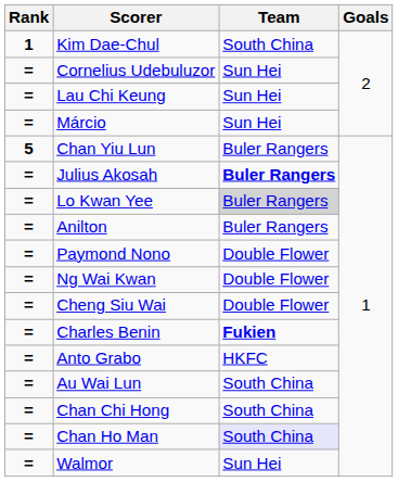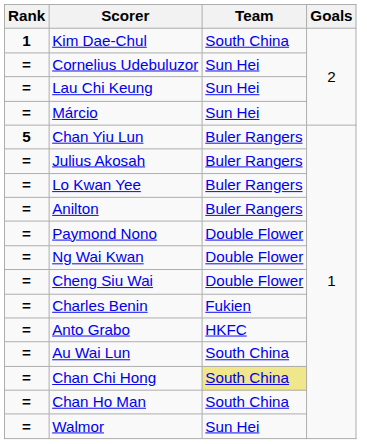 <table class="wikitable">
 <tr>
 <th>Rank</th>
 <th>Scorer</th>
 <th>Team</th>
 <th>Goals</th>
 </tr>
 <tr>
 <td align=center><strong>1</strong></td>
 <td> <a href='#'>Kim Dae-Chul</a></td>
 <td><a href='#'>South China</a></td>
 <td rowspan="4" align=center>2</td>
 </tr>
 <tr>
 <td align=center><strong>=</strong></td>
 <td> <a href='#'>Cornelius Udebuluzor</a></td>
 <td><a href='#'>Sun Hei</a></td>
 </tr>
 <tr>
 <td align=center><strong>=</strong></td>
 <td> <a href='#'>Lau Chi Keung</a></td>
 <td><a href='#'>Sun Hei</a></td>
 </tr>
 <tr>
 <td align=center><strong>=</strong></td>
 <td> <a href='#'>Márcio</a></td>
 <td><a href='#'>Sun Hei</a></td>
 </tr>
 <tr>
 <td align=center><strong>5</strong></td>
 <td> <a href='#'>Chan Yiu Lun</a></td>
 <td><a href='#'>Buler Rangers</a></td>
 <td rowspan="19" align=center>1</td>
 </tr>
 <tr>
 <td align=center><strong>=</strong></td>
 <td> <a href='#'>Julius Akosah</a></td>
-<td><strong><a href='#'>Buler Rangers</a></strong></td>
+<td><a href='#'>Buler Rangers</a></td>
 </tr>
 <tr>
 <td align=center><strong>=</strong></td>
 <td> <a href='#'>Lo Kwan Yee</a></td>
-<td style="background: lightgrey;"><a href='#'>Buler Rangers</a></td>
+<td><a href='#'>Buler Rangers</a></td>
 </tr>
 <tr>
 <td align=center><strong>=</strong></td>
 <td> <a href='#'>Anilton</a></td>
 <td><a href='#'>Buler Rangers</a></td>
 </tr>
 <tr>
 <td align=center><strong>=</strong></td>
 <td> <a href='#'>Paymond Nono</a></td>
 <td><a href='#'>Double Flower</a></td>
 </tr>
 <tr>
 <td align=center><strong>=</strong></td>
 <td> <a href='#'>Ng Wai Kwan</a></td>
 <td><a href='#'>Double Flower</a></td>
 </tr>
 <tr>
 <td align=center><strong>=</strong></td>
 <td> <a href='#'>Cheng Siu Wai</a></td>
 <td><a href='#'>Double Flower</a></td>
 </tr>
 <tr>
 <td align=center><strong>=</strong></td>
 <td> <a href='#'>Charles Benin</a></td>
-<td><strong><a href='#'>Fukien</a></strong></td>
+<td><a href='#'>Fukien</a></td>
 </tr>
 <tr>
 <td align=center><strong>=</strong></td>
 <td> <a href='#'>Anto Grabo</a></td>
 <td><a href='#'>HKFC</a></td>
 </tr>
 <tr>
 <td align=center><strong>=</strong></td>
 <td> <a href='#'>Au Wai Lun</a></td>
 <td><a href='#'>South China</a></td>
 </tr>
 <tr>
 <td align=center><strong>=</strong></td>
 <td> <a href='#'>Chan Chi Hong</a></td>
-<td><a href='#'>South China</a></td>
+<td style="background: khaki;"><a href='#'>South China</a></td>
 </tr>
 <tr>
 <td align=center><strong>=</strong></td>
 <td> <a href='#'>Chan Ho Man</a></td>
-<td style="background: lavender;"><a href='#'>South China</a></td>
+<td><a href='#'>South China</a></td>
 </tr>
 <tr>
 <td align=center><strong>=</strong></td>
 <td> <a href='#'>Walmor</a></td>
 <td><a href='#'>Sun Hei</a></td>
 </tr>
 </table>
